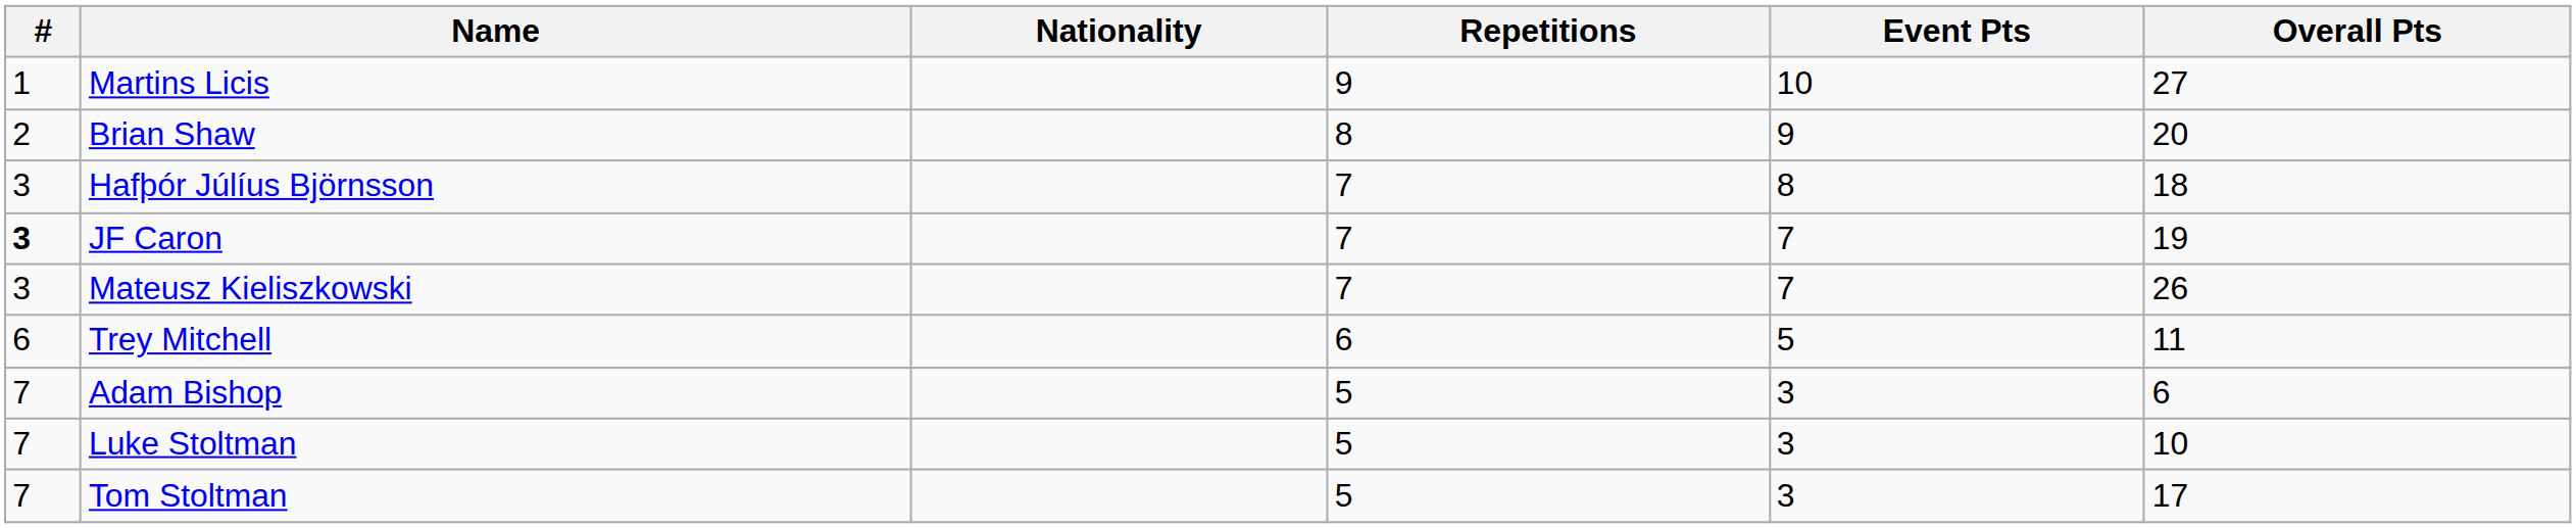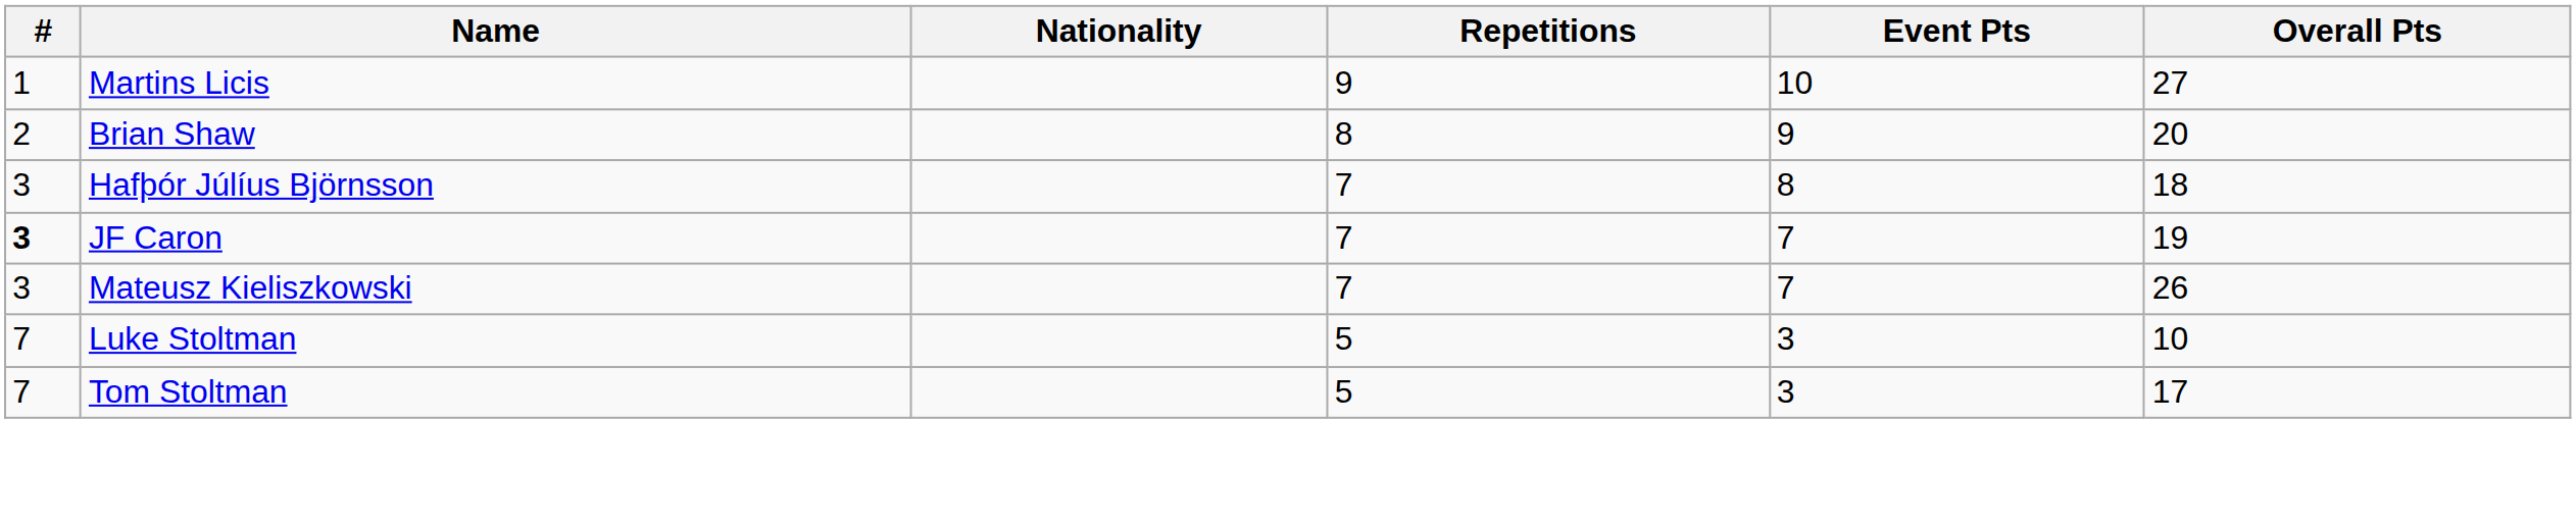 <table class="wikitable sortable" style="display: inline-table;width: 100%;">
 <tr>
 <th>#</th>
 <th>Name</th>
 <th>Nationality</th>
 <th>Repetitions</th>
 <th>Event Pts</th>
 <th>Overall Pts</th>
 </tr>
 <tr>
 <td>1</td>
 <td><a href='#'>Martins Licis</a></td>
 <td></td>
 <td>9</td>
 <td>10</td>
 <td>27</td>
 </tr>
 <tr>
 <td>2</td>
 <td><a href='#'>Brian Shaw</a></td>
 <td></td>
 <td>8</td>
 <td>9</td>
 <td>20</td>
 </tr>
 <tr>
 <td>3</td>
 <td><a href='#'>Hafþór Júlíus Björnsson</a></td>
 <td></td>
 <td>7</td>
 <td>8</td>
 <td>18</td>
 </tr>
 <tr>
 <td><strong>3</strong></td>
 <td><a href='#'>JF Caron</a></td>
 <td></td>
 <td>7</td>
 <td>7</td>
 <td>19</td>
 </tr>
 <tr>
 <td>3</td>
 <td><a href='#'>Mateusz Kieliszkowski</a></td>
 <td></td>
 <td>7</td>
 <td>7</td>
 <td>26</td>
 </tr>
 <tr>
-<td>6</td>
-<td><a href='#'>Trey Mitchell</a></td>
-<td></td>
-<td>6</td>
-<td>5</td>
-<td>11</td>
-</tr>
-<tr>
-<td>7</td>
-<td><a href='#'>Adam Bishop</a></td>
-<td></td>
-<td>5</td>
-<td>3</td>
-<td>6</td>
-</tr>
-<tr>
 <td>7</td>
 <td><a href='#'>Luke Stoltman</a></td>
 <td></td>
 <td>5</td>
 <td>3</td>
 <td>10</td>
 </tr>
 <tr>
 <td>7</td>
 <td><a href='#'>Tom Stoltman</a></td>
 <td></td>
 <td>5</td>
 <td>3</td>
 <td>17</td>
 </tr>
 </table>
